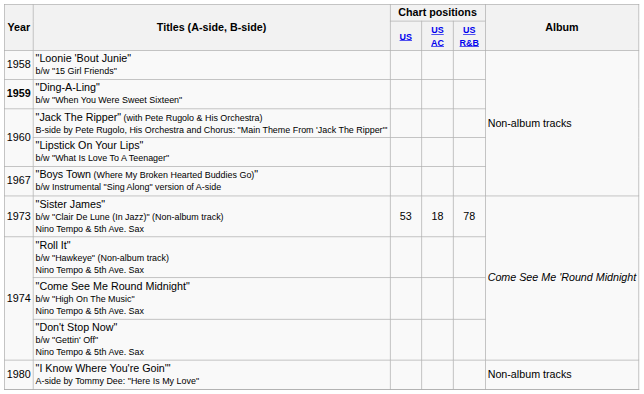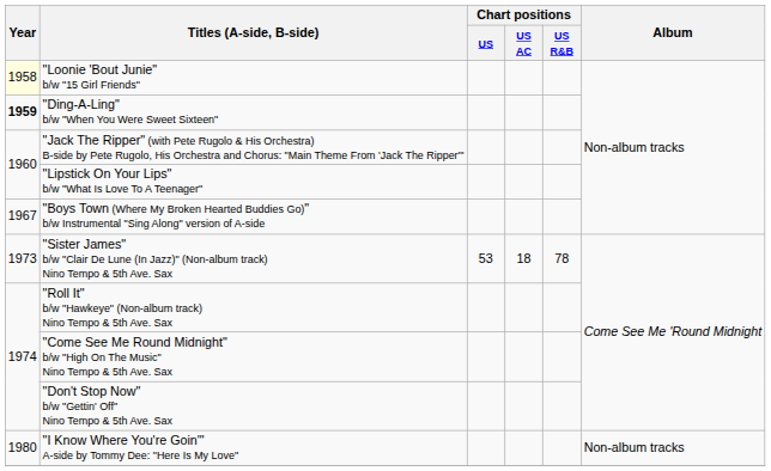 <table class="wikitable">
 <tr>
 <th rowspan="2">Year</th>
 <th rowspan="2">Titles (A-side, B-side)</th>
 <th colspan="3">Chart positions</th>
 <th rowspan="2">Album</th>
 </tr>
 <tr>
 <th width="40"><small><a href='#'>US</a></small></th>
 <th width="40"><small><a href='#'>US<br>AC</a></small></th>
 <th width="40"><small><a href='#'>US R&B</a> </small></th>
 </tr>
 <tr>
-<td>1958</td>
+<td style="background: lightyellow;">1958</td>
 <td align="left">"Loonie 'Bout Junie"<br><small>b/w "15 Girl Friends"</small></td>
 <td align="center"></td>
 <td align="center"></td>
 <td align="center"></td>
 <td align="left" rowspan="5">Non-album tracks</td>
 </tr>
 <tr>
 <td><strong>1959</strong></td>
 <td align="left">"Ding-A-Ling"<br><small>b/w "When You Were Sweet Sixteen"</small></td>
 <td align="center"></td>
 <td align="center"></td>
 <td align="center"></td>
 </tr>
 <tr>
 <td rowspan="2">1960</td>
 <td align="left">"Jack The Ripper"<small> (with Pete Rugolo & His Orchestra)</small><br><small>B-side by Pete Rugolo, His Orchestra and Chorus: "Main Theme From 'Jack The Ripper'"</small></td>
 <td align="center"></td>
 <td align="center"></td>
 <td align="center"></td>
 </tr>
 <tr>
 <td align="left">"Lipstick On Your Lips"<br><small>b/w "What Is Love To A Teenager"</small></td>
 <td align="center"></td>
 <td align="center"></td>
 <td align="center"></td>
 </tr>
 <tr>
 <td>1967</td>
 <td align="left">"Boys Town<small> (Where My Broken Hearted Buddies Go)</small>"<br><small>b/w Instrumental "Sing Along" version of A-side</small></td>
 <td align="center"></td>
 <td align="center"></td>
 <td align="center"></td>
 </tr>
 <tr>
 <td>1973</td>
 <td align="left">"Sister James"<br><small>b/w "Clair De Lune (In Jazz)" (Non-album track)<br>Nino Tempo & 5th Ave. Sax</small></td>
 <td align="center">53</td>
 <td align="center">18</td>
 <td align="center">78</td>
 <td align="left" rowspan="4"><em>Come See Me 'Round Midnight</em></td>
 </tr>
 <tr>
 <td rowspan="3">1974</td>
 <td align="left">"Roll It"<br><small>b/w "Hawkeye" (Non-album track)<br>Nino Tempo & 5th Ave. Sax</small></td>
 <td align="center"></td>
 <td align="center"></td>
 <td align="center"></td>
 </tr>
 <tr>
 <td align="left">"Come See Me Round Midnight"<br><small>b/w "High On The Music"<br>Nino Tempo & 5th Ave. Sax</small></td>
 <td align="center"></td>
 <td align="center"></td>
 <td align="center"></td>
 </tr>
 <tr>
 <td align="left">"Don't Stop Now"<br><small>b/w "Gettin' Off"<br>Nino Tempo & 5th Ave. Sax</small></td>
 <td align="center"></td>
 <td align="center"></td>
 <td align="center"></td>
 </tr>
 <tr>
 <td>1980</td>
 <td align="left">"I Know Where You're Goin'"<br><small>A-side by Tommy Dee: "Here Is My Love"</small></td>
 <td align="center"></td>
 <td align="center"></td>
 <td align="center"></td>
 <td align="left">Non-album tracks</td>
 </tr>
 <tr>
 </tr>
 </table>
